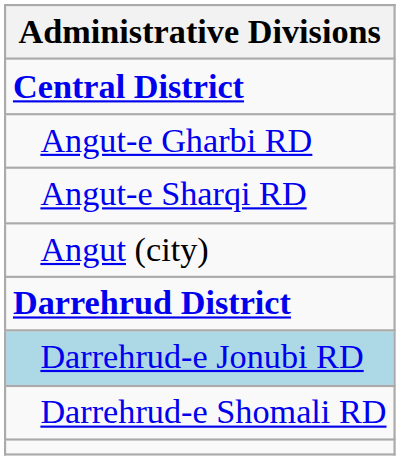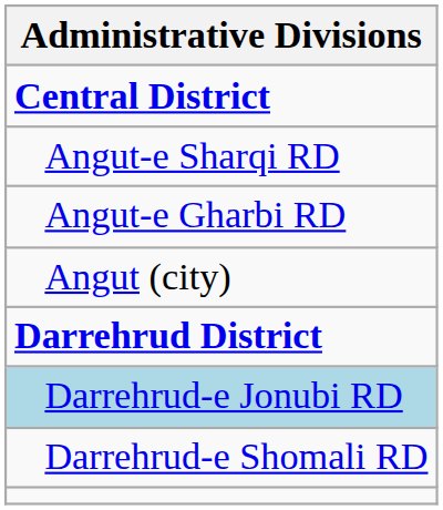 <table class="wikitable">
 <tr>
 <th>Administrative Divisions</th>
 </tr>
 <tr>
 <td><strong><a href='#'>Central District</a></strong></td>
 </tr>
 <tr>
-<td style="padding-left: 1em;"><a href='#'>Angut-e Gharbi RD</a></td>
+<td style="padding-left: 1em;"><a href='#'>Angut-e Sharqi RD</a></td>
 </tr>
 <tr>
-<td style="padding-left: 1em;"><a href='#'>Angut-e Sharqi RD</a></td>
+<td style="padding-left: 1em;"><a href='#'>Angut-e Gharbi RD</a></td>
 </tr>
 <tr>
 <td style="padding-left: 1em;"><a href='#'>Angut</a> (city)</td>
 </tr>
 <tr>
 <td><strong><a href='#'>Darrehrud District</a></strong></td>
 </tr>
 <tr>
 <td style="background: lightblue; padding-left: 1em;"><a href='#'>Darrehrud-e Jonubi RD</a></td>
 </tr>
 <tr>
 <td style="padding-left: 1em;"><a href='#'>Darrehrud-e Shomali RD</a></td>
 </tr>
 <tr>
 <td colspan=1></td>
 </tr>
 </table>
